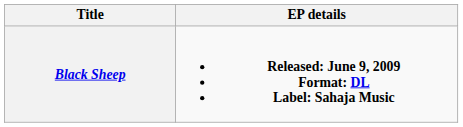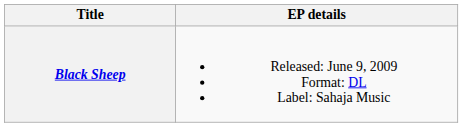 <table class="wikitable plainrowheaders" style="text-align:center;">
 <tr>
 <th scope="col" style="width:12em;">Title</th>
 <th scope="col" style="width:20em;">EP details</th>
 </tr>
 <tr>
 <th scope="row"><em><a href='#'>Black Sheep</a></em></th>
-<td><strong><br><ul><li>Released: June 9, 2009</li><li>Format: <a href='#'>DL</a></li><li>Label: Sahaja Music</li></ul></strong></td>
+<td><br><ul><li>Released: June 9, 2009</li><li>Format: <a href='#'>DL</a></li><li>Label: Sahaja Music</li></ul></td>
 </tr>
 </table>
